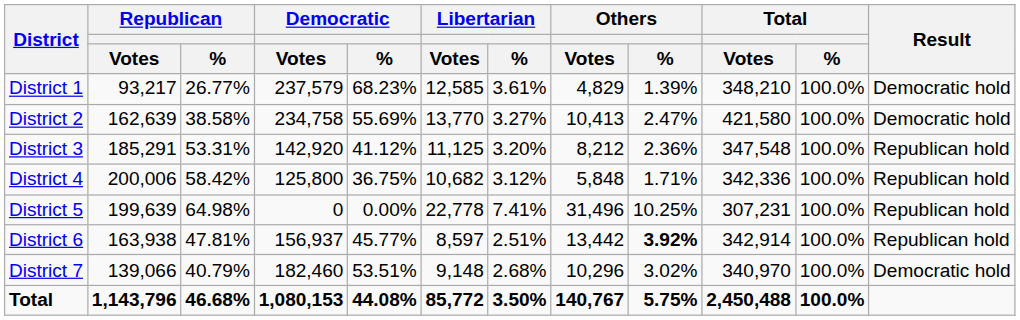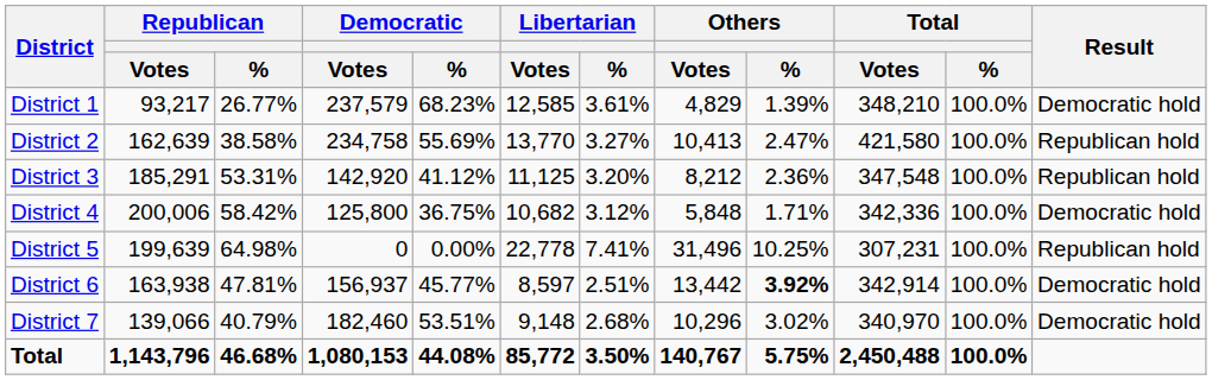 <table class="wikitable plainrowheaders sortable" style="font-size:100%; text-align:right;">
 <tr>
 <th scope=col rowspan=3><a href='#'>District</a></th>
 <th scope=col colspan=2><a href='#'>Republican</a></th>
 <th scope=col colspan=2><a href='#'>Democratic</a></th>
 <th scope=col colspan=2><a href='#'>Libertarian</a></th>
 <th scope=col colspan=2>Others</th>
 <th scope=col colspan=2>Total</th>
 <th scope=col rowspan=3>Result</th>
 </tr>
 <tr>
 <th scope=col colspan=2 style="background:"></th>
 <th scope=col colspan=2 style="background:"></th>
 <th scope=col colspan=2 style="background:"></th>
 <th scope=col colspan=2></th>
 <th scope=col colspan=2></th>
 </tr>
 <tr>
 <th scope=col data-sort-type="number">Votes</th>
 <th scope=col data-sort-type="number">%</th>
 <th scope=col data-sort-type="number">Votes</th>
 <th scope=col data-sort-type="number">%</th>
 <th scope=col data-sort-type="number">Votes</th>
 <th scope=col data-sort-type="number">%</th>
 <th scope=col data-sort-type="number">Votes</th>
 <th scope=col data-sort-type="number">%</th>
 <th scope=col data-sort-type="number">Votes</th>
 <th scope=col data-sort-type="number">%</th>
 </tr>
 <tr>
 <td align=left><a href='#'>District 1</a></td>
 <td>93,217</td>
 <td>26.77%</td>
 <td>237,579</td>
 <td>68.23%</td>
 <td>12,585</td>
 <td>3.61%</td>
 <td>4,829</td>
 <td>1.39%</td>
 <td>348,210</td>
 <td>100.0%</td>
 <td align=left>Democratic hold</td>
 </tr>
 <tr>
 <td align=left><a href='#'>District 2</a></td>
 <td>162,639</td>
 <td>38.58%</td>
 <td>234,758</td>
 <td>55.69%</td>
 <td>13,770</td>
 <td>3.27%</td>
 <td>10,413</td>
 <td>2.47%</td>
 <td>421,580</td>
 <td>100.0%</td>
-<td align=left>Democratic hold</td>
+<td align=left>Republican hold</td>
 </tr>
 <tr>
 <td align=left><a href='#'>District 3</a></td>
 <td>185,291</td>
 <td>53.31%</td>
 <td>142,920</td>
 <td>41.12%</td>
 <td>11,125</td>
 <td>3.20%</td>
 <td>8,212</td>
 <td>2.36%</td>
 <td>347,548</td>
 <td>100.0%</td>
 <td align=left>Republican hold</td>
 </tr>
 <tr>
 <td align=left><a href='#'>District 4</a></td>
 <td>200,006</td>
 <td>58.42%</td>
 <td>125,800</td>
 <td>36.75%</td>
 <td>10,682</td>
 <td>3.12%</td>
 <td>5,848</td>
 <td>1.71%</td>
 <td>342,336</td>
 <td>100.0%</td>
-<td align=left>Republican hold</td>
+<td align=left>Democratic hold</td>
 </tr>
 <tr>
 <td align=left><a href='#'>District 5</a></td>
 <td>199,639</td>
 <td>64.98%</td>
 <td>0</td>
 <td>0.00%</td>
 <td>22,778</td>
 <td>7.41%</td>
 <td>31,496</td>
 <td>10.25%</td>
 <td>307,231</td>
 <td>100.0%</td>
 <td align=left>Republican hold</td>
 </tr>
 <tr>
 <td align=left><a href='#'>District 6</a></td>
 <td>163,938</td>
 <td>47.81%</td>
 <td>156,937</td>
 <td>45.77%</td>
 <td>8,597</td>
 <td>2.51%</td>
 <td>13,442</td>
 <td><strong>3.92%</strong></td>
 <td>342,914</td>
 <td>100.0%</td>
-<td align=left>Republican hold</td>
+<td align=left>Democratic hold</td>
 </tr>
 <tr>
 <td align=left><a href='#'>District 7</a></td>
 <td>139,066</td>
 <td>40.79%</td>
 <td>182,460</td>
 <td>53.51%</td>
 <td>9,148</td>
 <td>2.68%</td>
 <td>10,296</td>
 <td>3.02%</td>
 <td>340,970</td>
 <td>100.0%</td>
 <td align=left>Democratic hold</td>
 </tr>
 <tr class="sortbottom" style="font-weight:bold">
 <td align=left>Total</td>
 <td>1,143,796</td>
 <td>46.68%</td>
 <td>1,080,153</td>
 <td>44.08%</td>
 <td>85,772</td>
 <td>3.50%</td>
 <td>140,767</td>
 <td>5.75%</td>
 <td>2,450,488</td>
 <td>100.0%</td>
 <td></td>
 </tr>
 </table>
